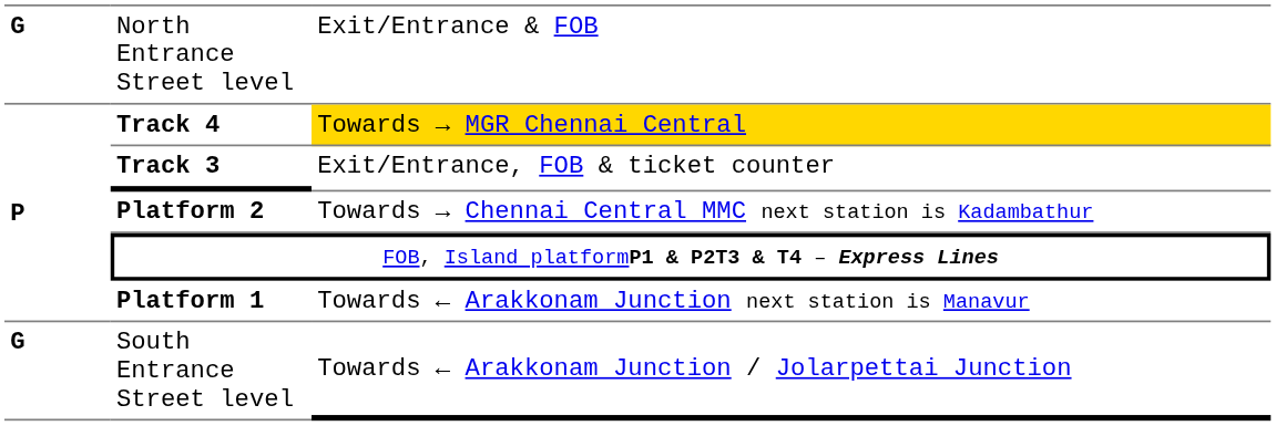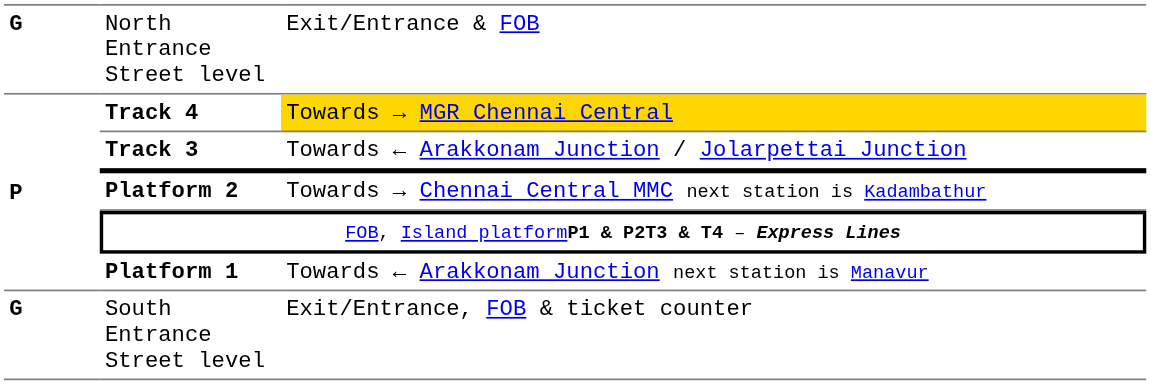 <table cellpadding="3" cellspacing="0" border="0">
 <tr>
 <td valign="top" width="50" style="border-top:solid 1px gray;border-bottom:solid 1px gray;"><strong>G</strong></td>
 <td valign="top" width="100" style="border-top:solid 1px gray;border-bottom:solid 1px gray;">North Entrance Street level</td>
 <td valign="top" width="390" style="border-top:solid 1px gray;border-bottom:solid 1px gray;">Exit/Entrance & <a href='#'>FOB</a></td>
 </tr>
 <tr>
 <td rowspan="5" style="border-bottom:solid 1px gray;" width="50" valign="center"><strong>P</strong></td>
 <td width="100" style="border-bottom:solid 1px gray;"><span><strong>Track 4</strong></span></td>
 <td width="500" style="background: gold; border-bottom:solid 1px gray;">Towards → <a href='#'>MGR Chennai Central</a></td>
 </tr>
 <tr>
 <td width="100" style="border-bottom:solid 3px black;"><span><strong>Track 3</strong></span></td>
-<td style="border-bottom:solid 1px gray;" width="50" valign="top">Exit/Entrance, <a href='#'>FOB</a> & ticket counter</td>
+<td width="500" style="border-bottom:solid 3px black;">Towards ← <a href='#'>Arakkonam Junction</a> / <a href='#'>Jolarpettai Junction</a></td>
 </tr>
 <tr>
 <td width="100" style="border-bottom:solid 1px gray;"><span><strong>Platform 2</strong></span></td>
 <td style="border-bottom:solid 1px gray;" width="500">Towards → <a href='#'>Chennai Central MMC</a> <small>next station is <a href='#'>Kadambathur</a></small></td>
 </tr>
 <tr>
 <td colspan="2" style="border-top:solid 2px black;border-right:solid 2px black;border-left:solid 2px black;border-bottom:solid 2px black;text-align:center;"><a href='#'><small>FOB</small></a><small>, <a href='#'>Island platform</a><strong>P1 &</strong> <strong>P2</strong><strong>T3 & T4</strong> – <strong><em>Express Lines</em></strong></small></td>
 </tr>
 <tr>
 <td width="100" style="border-bottom:solid 1px gray;"><span><strong>Platform 1</strong></span></td>
 <td style="border-bottom:solid 1px gray;" width="500">Towards ← <a href='#'>Arakkonam Junction</a> <small>next station is <a href='#'>Manavur</a></small></td>
 </tr>
 <tr>
 <td style="border-bottom:solid 1px gray;" width="50" valign="top"><strong>G</strong></td>
 <td style="border-bottom:solid 1px gray;" width="50" valign="top">South Entrance Street level</td>
-<td width="500" style="border-bottom:solid 3px black;">Towards ← <a href='#'>Arakkonam Junction</a> / <a href='#'>Jolarpettai Junction</a></td>
+<td style="border-bottom:solid 1px gray;" width="50" valign="top">Exit/Entrance, <a href='#'>FOB</a> & ticket counter</td>
 </tr>
 <tr>
 </tr>
 </table>
